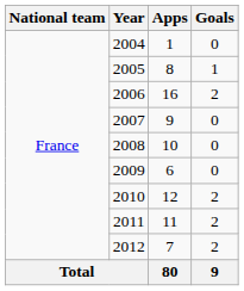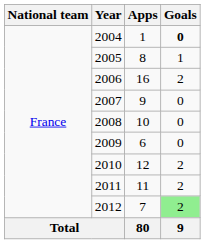 <table class="wikitable" style="text-align:center">
 <tr>
 <th>National team</th>
 <th>Year</th>
 <th>Apps</th>
 <th>Goals</th>
 </tr>
 <tr>
 <td rowspan="9"><a href='#'>France</a></td>
 <td>2004</td>
 <td>1</td>
-<td>0</td>
+<td><strong>0</strong></td>
 </tr>
 <tr>
 <td>2005</td>
 <td>8</td>
 <td>1</td>
 </tr>
 <tr>
 <td>2006</td>
 <td>16</td>
 <td>2</td>
 </tr>
 <tr>
 <td>2007</td>
 <td>9</td>
 <td>0</td>
 </tr>
 <tr>
 <td>2008</td>
 <td>10</td>
 <td>0</td>
 </tr>
 <tr>
 <td>2009</td>
 <td>6</td>
 <td>0</td>
 </tr>
 <tr>
 <td>2010</td>
 <td>12</td>
 <td>2</td>
 </tr>
 <tr>
 <td>2011</td>
 <td>11</td>
 <td>2</td>
 </tr>
 <tr>
 <td>2012</td>
 <td>7</td>
-<td>2</td>
+<td style="background: lightgreen;">2</td>
 </tr>
 <tr>
 <th colspan="2">Total</th>
 <th>80</th>
 <th>9</th>
 </tr>
 </table>
